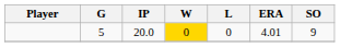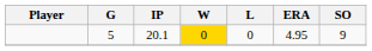 <table class="wikitable sortable">
 <tr>
 <th bgcolor="#DDDDFF" width="16%">Player</th>
 <th bgcolor="#DDDDFF" width="9%">G</th>
 <th bgcolor="#DDDDFF" width="9%">IP</th>
 <th bgcolor="#DDDDFF" width="9%">W</th>
 <th bgcolor="#DDDDFF" width="9%">L</th>
 <th bgcolor="#DDDDFF" width="9%">ERA</th>
 <th bgcolor="#DDDDFF" width="9%">SO</th>
 </tr>
 <tr align="center">
 <td></td>
 <td>5</td>
-<td>20.0</td>
+<td>20.1</td>
 <td style="background: gold;">0</td>
 <td>0</td>
-<td>4.01</td>
+<td>4.95</td>
 <td>9</td>
 </tr>
 <tr align="center">
 </tr>
 </table>
